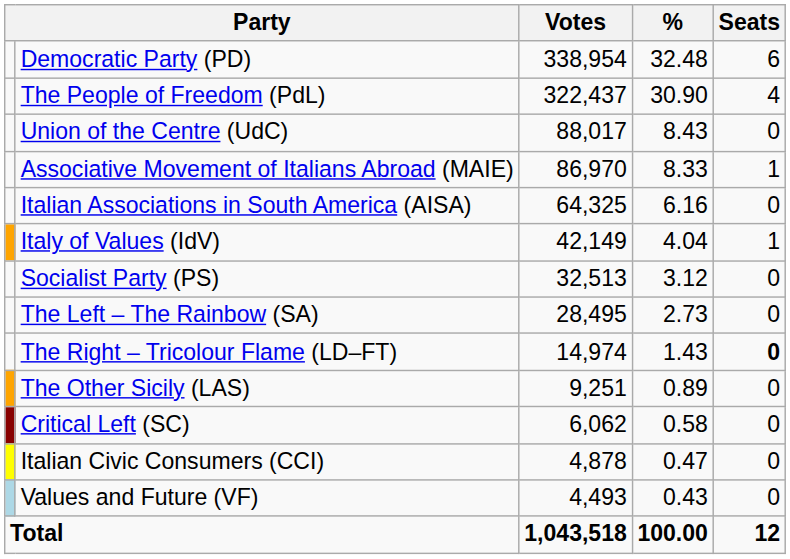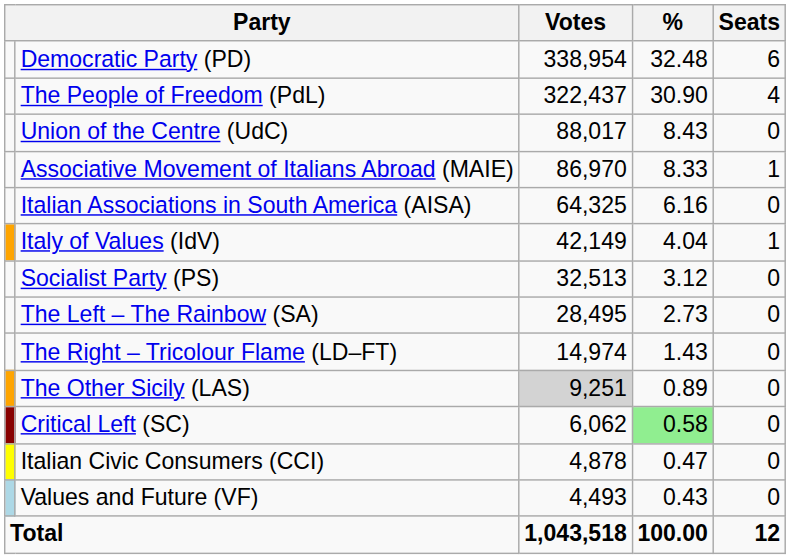 <table class=wikitable style="text-align:right">
 <tr>
 <th colspan=2>Party</th>
 <th>Votes</th>
 <th>%</th>
 <th>Seats</th>
 </tr>
 <tr>
 <td></td>
 <td align="left"><a href='#'>Democratic Party</a> (PD)</td>
 <td align="right">338,954</td>
 <td align="right">32.48</td>
 <td align="right">6</td>
 </tr>
 <tr>
 <td></td>
 <td align="left"><a href='#'>The People of Freedom</a> (PdL)</td>
 <td align="right">322,437</td>
 <td align="right">30.90</td>
 <td align="right">4</td>
 </tr>
 <tr>
 <td></td>
 <td align="left"><a href='#'>Union of the Centre</a> (UdC)</td>
 <td align="right">88,017</td>
 <td align="right">8.43</td>
 <td align="right">0</td>
 </tr>
 <tr>
 <td></td>
 <td align="left"><a href='#'>Associative Movement of Italians Abroad</a> (MAIE)</td>
 <td align="right">86,970</td>
 <td align="right">8.33</td>
 <td align="right">1</td>
 </tr>
 <tr>
 <td></td>
 <td align="left"><a href='#'>Italian Associations in South America</a> (AISA)</td>
 <td align="right">64,325</td>
 <td align="right">6.16</td>
 <td align="right">0</td>
 </tr>
 <tr>
 <td bgcolor="orange"></td>
 <td align="left"><a href='#'>Italy of Values</a> (IdV)</td>
 <td align="right">42,149</td>
 <td align="right">4.04</td>
 <td align="right">1</td>
 </tr>
 <tr>
 <td></td>
 <td align="left"><a href='#'>Socialist Party</a> (PS)</td>
 <td align="right">32,513</td>
 <td align="right">3.12</td>
 <td align="right">0</td>
 </tr>
 <tr>
 <td></td>
 <td align="left"><a href='#'>The Left – The Rainbow</a> (SA)</td>
 <td align="right">28,495</td>
 <td align="right">2.73</td>
 <td align="right">0</td>
 </tr>
 <tr>
 <td></td>
 <td align="left"><a href='#'>The Right – Tricolour Flame</a> (LD–FT)</td>
 <td align="right">14,974</td>
 <td align="right">1.43</td>
-<td align="right"><strong>0</strong></td>
+<td align="right">0</td>
 </tr>
 <tr>
 <td bgcolor="orange"></td>
 <td align="left"><a href='#'>The Other Sicily</a> (LAS)</td>
-<td align="right">9,251</td>
+<td align="right" style="background: lightgrey;">9,251</td>
 <td align="right">0.89</td>
 <td align="right">0</td>
 </tr>
 <tr>
 <td bgcolor="#880000"></td>
 <td align="left"><a href='#'>Critical Left</a> (SC)</td>
 <td align="right">6,062</td>
-<td align="right">0.58</td>
+<td align="right" style="background: lightgreen;">0.58</td>
 <td align="right">0</td>
 </tr>
 <tr>
 <td bgcolor="yellow"></td>
 <td align="left">Italian Civic Consumers (CCI)</td>
 <td align="right">4,878</td>
 <td align="right">0.47</td>
 <td align="right">0</td>
 </tr>
 <tr>
 <td bgcolor="lightblue"></td>
 <td align="left">Values and Future (VF)</td>
 <td align="right">4,493</td>
 <td align="right">0.43</td>
 <td align="right">0</td>
 </tr>
 <tr>
 <td align="left" colspan=2><strong>Total</strong></td>
 <td align="right"><strong>1,043,518</strong></td>
 <td align="right"><strong>100.00</strong></td>
 <td align="right"><strong>12</strong></td>
 </tr>
 </table>
